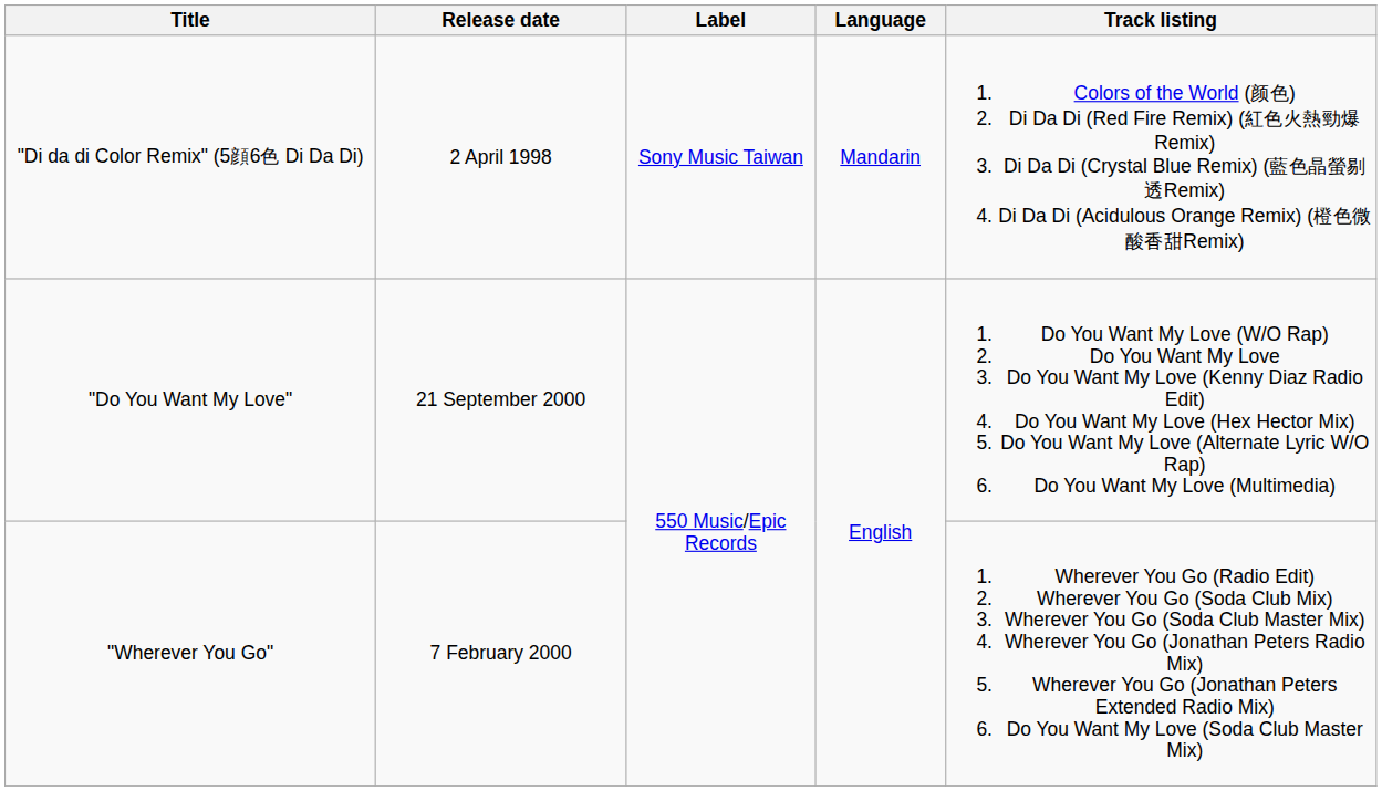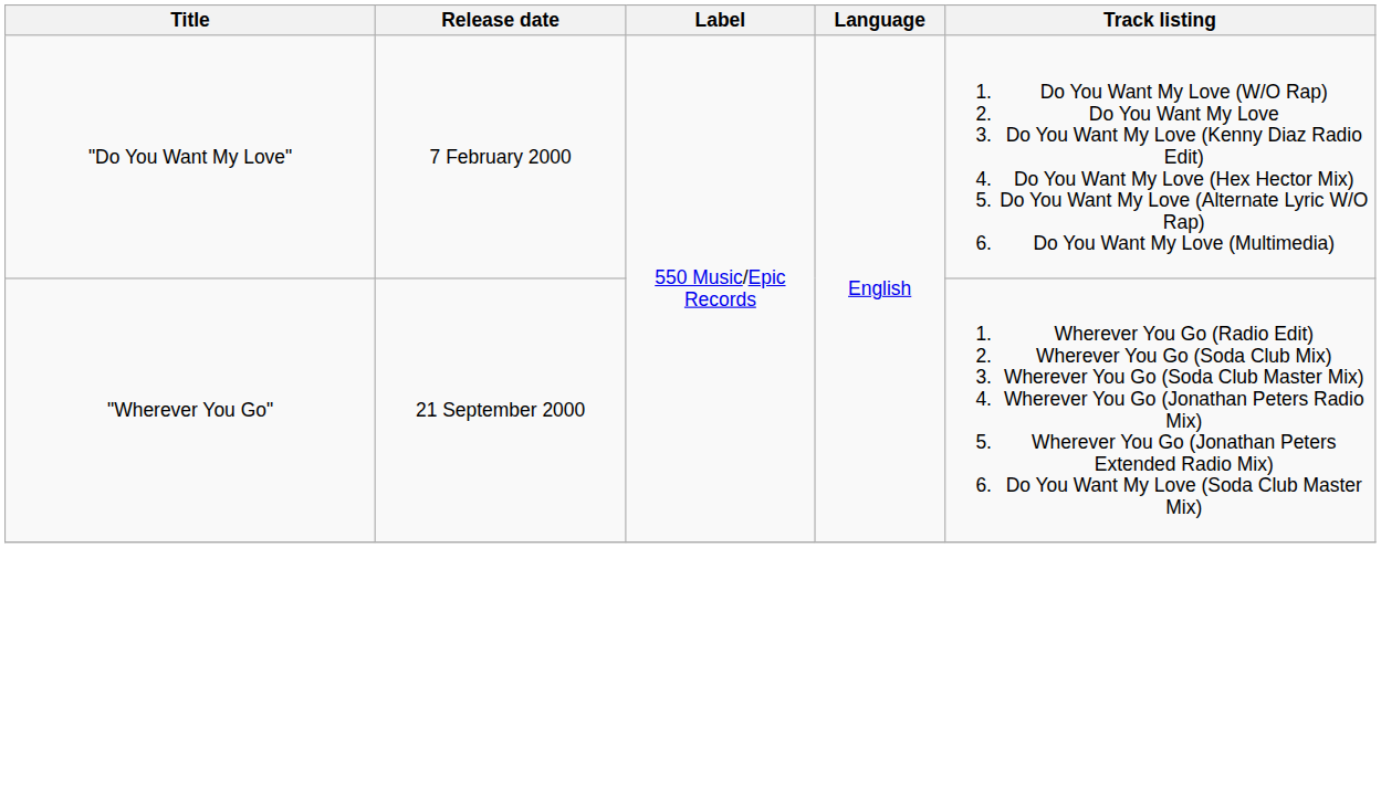 <table class="wikitable" style="text-align:center;">
 <tr>
 <th align="left" width="300px">Title</th>
 <th align="left" width="200px">Release date</th>
 <th align="left" width="150px">Label</th>
 <th align="left" width="100px">Language</th>
 <th align="left" width="350px">Track listing</th>
 </tr>
 <tr>
-<td>"Di da di Color Remix" (5顔6色 Di Da Di)</td>
-<td>2 April 1998</td>
-<td><a href='#'>Sony Music Taiwan</a></td>
-<td><a href='#'>Mandarin</a></td>
-<td><br><ol><li><a href='#'>Colors of the World</a> (颜色)</li><li>Di Da Di (Red Fire Remix) (紅色火熱勁爆Remix)</li><li>Di Da Di (Crystal Blue Remix) (藍色晶螢剔透Remix)</li><li>Di Da Di (Acidulous Orange Remix) (橙色微酸香甜Remix)</li></ol></td>
-</tr>
-<tr>
 <td>"Do You Want My Love"</td>
-<td>21 September 2000</td>
+<td>7 February 2000</td>
 <td rowspan="2"><a href='#'>550 Music</a>/<a href='#'>Epic Records</a></td>
 <td rowspan="2"><a href='#'>English</a></td>
 <td><br><ol><li>Do You Want My Love (W/O Rap)</li><li>Do You Want My Love</li><li>Do You Want My Love (Kenny Diaz Radio Edit)</li><li>Do You Want My Love (Hex Hector Mix)</li><li>Do You Want My Love (Alternate Lyric W/O Rap)</li><li>Do You Want My Love (Multimedia)</li></ol></td>
 </tr>
 <tr>
 <td>"Wherever You Go"</td>
-<td>7 February 2000</td>
+<td>21 September 2000</td>
 <td><br><ol><li>Wherever You Go (Radio Edit)</li><li>Wherever You Go (Soda Club Mix)</li><li>Wherever You Go (Soda Club Master Mix)</li><li>Wherever You Go (Jonathan Peters Radio Mix)</li><li>Wherever You Go (Jonathan Peters Extended Radio Mix)</li><li>Do You Want My Love (Soda Club Master Mix)</li></ol></td>
 </tr>
 <tr>
 </tr>
 </table>
